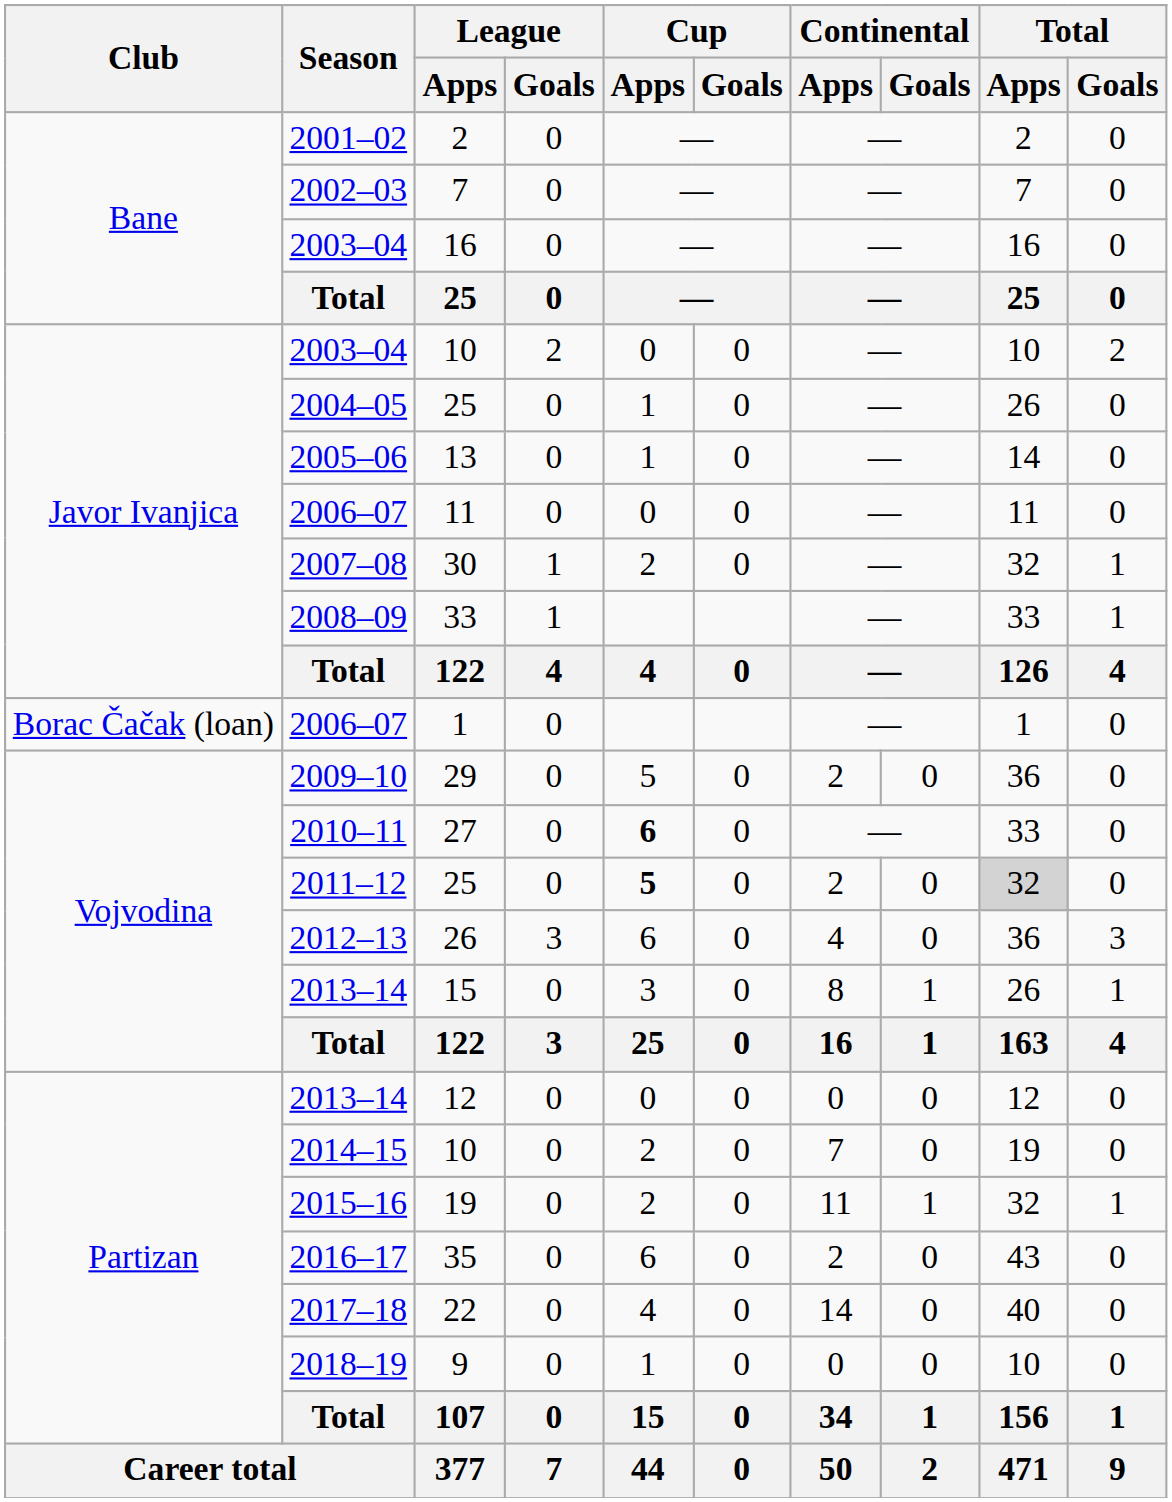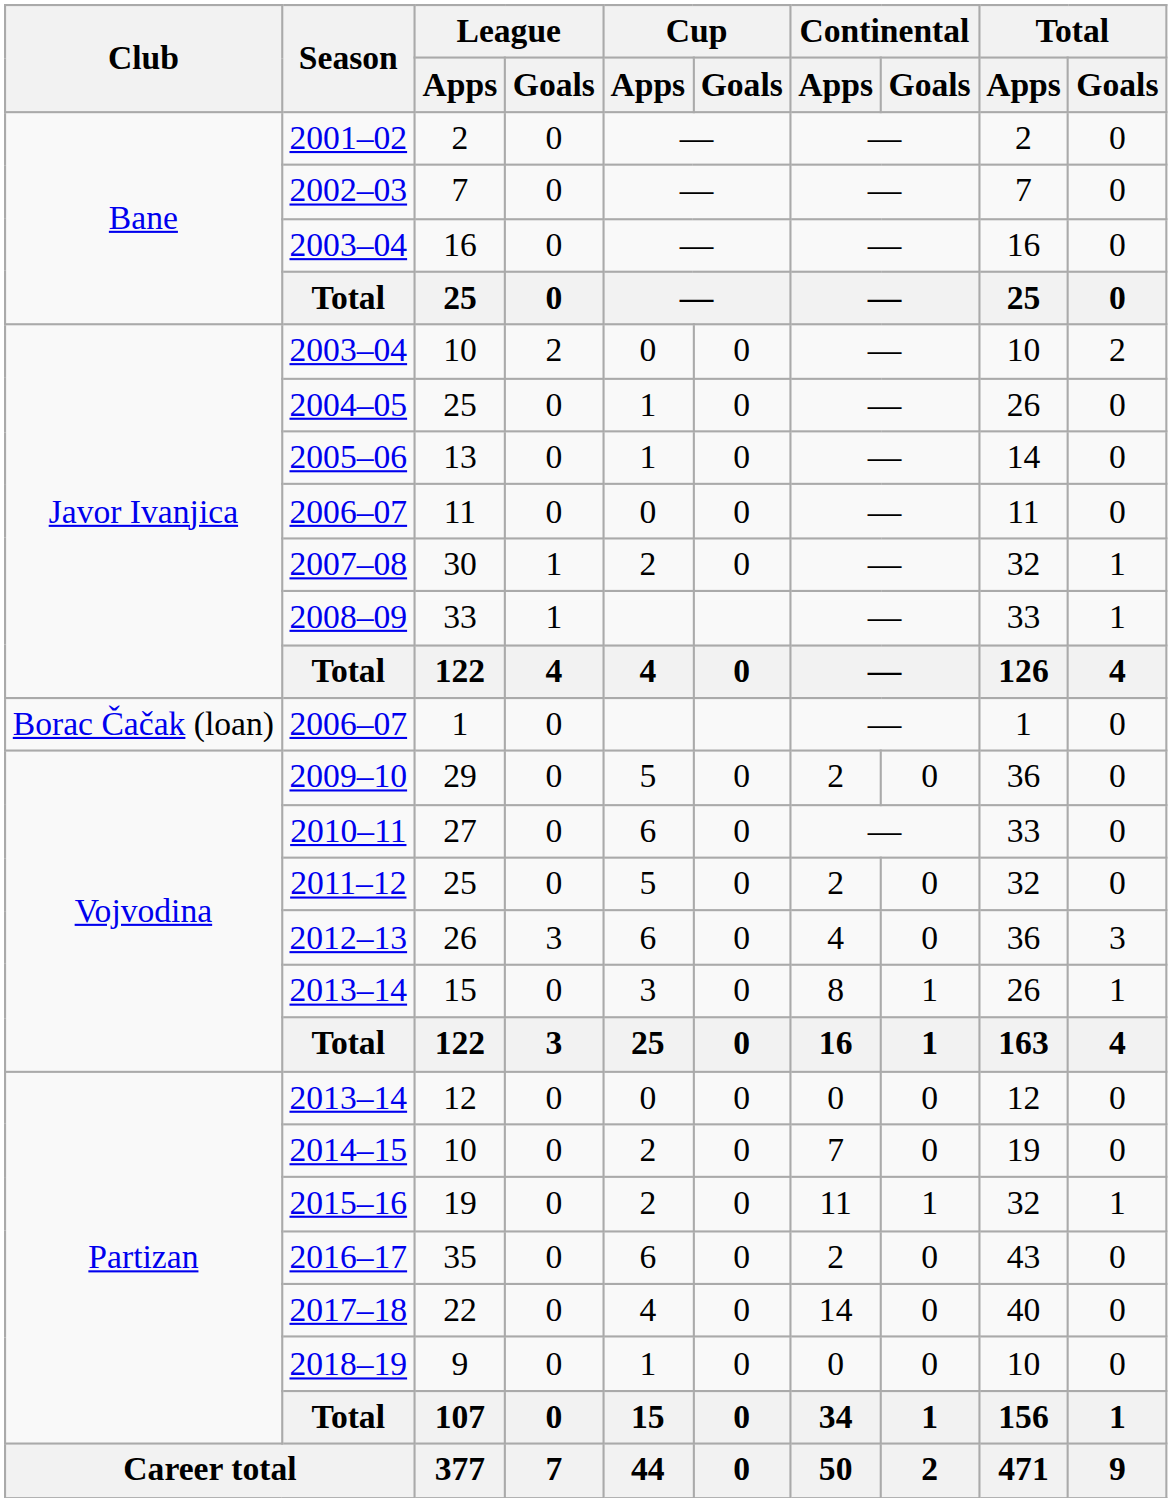 <table class="wikitable" style="text-align:center">
 <tr>
 <th rowspan="2">Club</th>
 <th rowspan="2">Season</th>
 <th colspan="2">League</th>
 <th colspan="2">Cup</th>
 <th colspan="2">Continental</th>
 <th colspan="2">Total</th>
 </tr>
 <tr>
 <th>Apps</th>
 <th>Goals</th>
 <th>Apps</th>
 <th>Goals</th>
 <th>Apps</th>
 <th>Goals</th>
 <th>Apps</th>
 <th>Goals</th>
 </tr>
 <tr>
 <td rowspan="4"><a href='#'>Bane</a></td>
 <td><a href='#'>2001–02</a></td>
 <td>2</td>
 <td>0</td>
 <td colspan="2">—</td>
 <td colspan="2">—</td>
 <td>2</td>
 <td>0</td>
 </tr>
 <tr>
 <td><a href='#'>2002–03</a></td>
 <td>7</td>
 <td>0</td>
 <td colspan="2">—</td>
 <td colspan="2">—</td>
 <td>7</td>
 <td>0</td>
 </tr>
 <tr>
 <td><a href='#'>2003–04</a></td>
 <td>16</td>
 <td>0</td>
 <td colspan="2">—</td>
 <td colspan="2">—</td>
 <td>16</td>
 <td>0</td>
 </tr>
 <tr>
 <th>Total</th>
 <th>25</th>
 <th>0</th>
 <th colspan="2">—</th>
 <th colspan="2">—</th>
 <th>25</th>
 <th>0</th>
 </tr>
 <tr>
 <td rowspan="7"><a href='#'>Javor Ivanjica</a></td>
 <td><a href='#'>2003–04</a></td>
 <td>10</td>
 <td>2</td>
 <td>0</td>
 <td>0</td>
 <td colspan="2">—</td>
 <td>10</td>
 <td>2</td>
 </tr>
 <tr>
 <td><a href='#'>2004–05</a></td>
 <td>25</td>
 <td>0</td>
 <td>1</td>
 <td>0</td>
 <td colspan="2">—</td>
 <td>26</td>
 <td>0</td>
 </tr>
 <tr>
 <td><a href='#'>2005–06</a></td>
 <td>13</td>
 <td>0</td>
 <td>1</td>
 <td>0</td>
 <td colspan="2">—</td>
 <td>14</td>
 <td>0</td>
 </tr>
 <tr>
 <td><a href='#'>2006–07</a></td>
 <td>11</td>
 <td>0</td>
 <td>0</td>
 <td>0</td>
 <td colspan="2">—</td>
 <td>11</td>
 <td>0</td>
 </tr>
 <tr>
 <td><a href='#'>2007–08</a></td>
 <td>30</td>
 <td>1</td>
 <td>2</td>
 <td>0</td>
 <td colspan="2">—</td>
 <td>32</td>
 <td>1</td>
 </tr>
 <tr>
 <td><a href='#'>2008–09</a></td>
 <td>33</td>
 <td>1</td>
 <td></td>
 <td></td>
 <td colspan="2">—</td>
 <td>33</td>
 <td>1</td>
 </tr>
 <tr>
 <th>Total</th>
 <th>122</th>
 <th>4</th>
 <th>4</th>
 <th>0</th>
 <th colspan="2">—</th>
 <th>126</th>
 <th>4</th>
 </tr>
 <tr>
 <td><a href='#'>Borac Čačak</a> (loan)</td>
 <td><a href='#'>2006–07</a></td>
 <td>1</td>
 <td>0</td>
 <td></td>
 <td></td>
 <td colspan="2">—</td>
 <td>1</td>
 <td>0</td>
 </tr>
 <tr>
 <td rowspan="6"><a href='#'>Vojvodina</a></td>
 <td><a href='#'>2009–10</a></td>
 <td>29</td>
 <td>0</td>
 <td>5</td>
 <td>0</td>
 <td>2</td>
 <td>0</td>
 <td>36</td>
 <td>0</td>
 </tr>
 <tr>
 <td><a href='#'>2010–11</a></td>
 <td>27</td>
 <td>0</td>
-<td><strong>6</strong></td>
+<td>6</td>
 <td>0</td>
 <td colspan="2">—</td>
 <td>33</td>
 <td>0</td>
 </tr>
 <tr>
 <td><a href='#'>2011–12</a></td>
 <td>25</td>
 <td>0</td>
-<td><strong>5</strong></td>
+<td>5</td>
 <td>0</td>
 <td>2</td>
 <td>0</td>
-<td style="background: lightgrey;">32</td>
+<td>32</td>
 <td>0</td>
 </tr>
 <tr>
 <td><a href='#'>2012–13</a></td>
 <td>26</td>
 <td>3</td>
 <td>6</td>
 <td>0</td>
 <td>4</td>
 <td>0</td>
 <td>36</td>
 <td>3</td>
 </tr>
 <tr>
 <td><a href='#'>2013–14</a></td>
 <td>15</td>
 <td>0</td>
 <td>3</td>
 <td>0</td>
 <td>8</td>
 <td>1</td>
 <td>26</td>
 <td>1</td>
 </tr>
 <tr>
 <th>Total</th>
 <th>122</th>
 <th>3</th>
 <th>25</th>
 <th>0</th>
 <th>16</th>
 <th>1</th>
 <th>163</th>
 <th>4</th>
 </tr>
 <tr>
 <td rowspan="7"><a href='#'>Partizan</a></td>
 <td><a href='#'>2013–14</a></td>
 <td>12</td>
 <td>0</td>
 <td>0</td>
 <td>0</td>
 <td>0</td>
 <td>0</td>
 <td>12</td>
 <td>0</td>
 </tr>
 <tr>
 <td><a href='#'>2014–15</a></td>
 <td>10</td>
 <td>0</td>
 <td>2</td>
 <td>0</td>
 <td>7</td>
 <td>0</td>
 <td>19</td>
 <td>0</td>
 </tr>
 <tr>
 <td><a href='#'>2015–16</a></td>
 <td>19</td>
 <td>0</td>
 <td>2</td>
 <td>0</td>
 <td>11</td>
 <td>1</td>
 <td>32</td>
 <td>1</td>
 </tr>
 <tr>
 <td><a href='#'>2016–17</a></td>
 <td>35</td>
 <td>0</td>
 <td>6</td>
 <td>0</td>
 <td>2</td>
 <td>0</td>
 <td>43</td>
 <td>0</td>
 </tr>
 <tr>
 <td><a href='#'>2017–18</a></td>
 <td>22</td>
 <td>0</td>
 <td>4</td>
 <td>0</td>
 <td>14</td>
 <td>0</td>
 <td>40</td>
 <td>0</td>
 </tr>
 <tr>
 <td><a href='#'>2018–19</a></td>
 <td>9</td>
 <td>0</td>
 <td>1</td>
 <td>0</td>
 <td>0</td>
 <td>0</td>
 <td>10</td>
 <td>0</td>
 </tr>
 <tr>
 <th>Total</th>
 <th>107</th>
 <th>0</th>
 <th>15</th>
 <th>0</th>
 <th>34</th>
 <th>1</th>
 <th>156</th>
 <th>1</th>
 </tr>
 <tr>
 <th colspan="2">Career total</th>
 <th>377</th>
 <th>7</th>
 <th>44</th>
 <th>0</th>
 <th>50</th>
 <th>2</th>
 <th>471</th>
 <th>9</th>
 </tr>
 </table>
